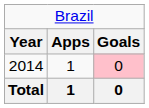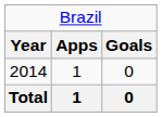 <table class="wikitable" style="text-align:center">
 <tr>
 <td colspan=3><a href='#'>Brazil</a></td>
 </tr>
 <tr>
 <th>Year</th>
 <th>Apps</th>
 <th>Goals</th>
 </tr>
 <tr>
 <td>2014</td>
 <td>1</td>
-<td style="background: pink;">0</td>
+<td>0</td>
 </tr>
 <tr>
 <th>Total</th>
 <th>1</th>
 <th>0</th>
 </tr>
 </table>
